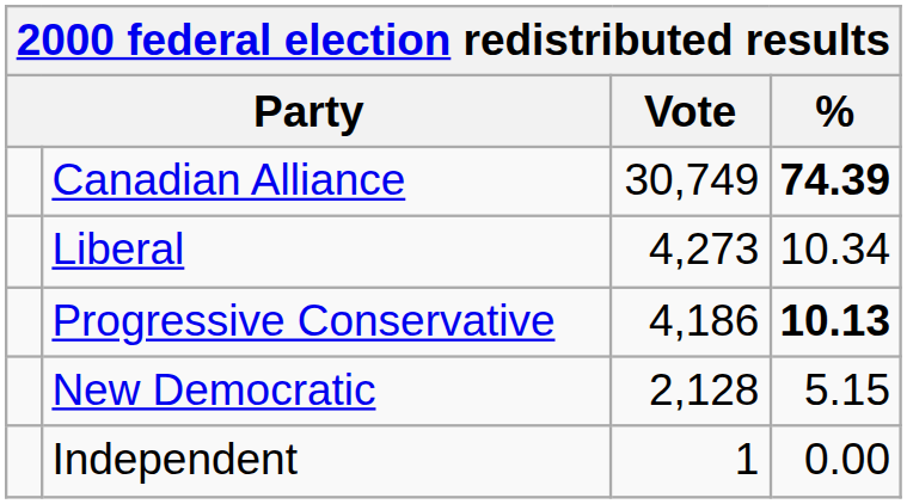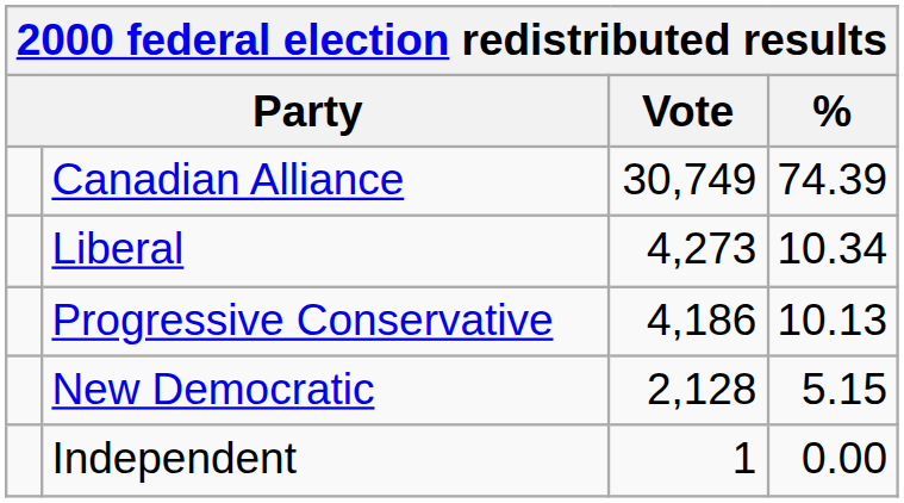 <table class="wikitable">
 <tr>
 <th colspan="4"><a href='#'>2000 federal election</a> redistributed results</th>
 </tr>
 <tr>
 <th bgcolor="#DDDDFF" width="130px" colspan="2">Party</th>
 <th bgcolor="#DDDDFF" width="50px">Vote</th>
 <th bgcolor="#DDDDFF" width="30px">%</th>
 </tr>
 <tr>
 <td> </td>
 <td><a href='#'>Canadian Alliance</a></td>
 <td align=right>30,749</td>
-<td align=right><strong>74.39</strong></td>
+<td align=right>74.39</td>
 </tr>
 <tr>
 <td> </td>
 <td><a href='#'>Liberal</a></td>
 <td align=right>4,273</td>
 <td align=right>10.34</td>
 </tr>
 <tr>
 <td> </td>
 <td><a href='#'>Progressive Conservative</a></td>
 <td align=right>4,186</td>
-<td align=right><strong>10.13</strong></td>
+<td align=right>10.13</td>
 </tr>
 <tr>
 <td> </td>
 <td><a href='#'>New Democratic</a></td>
 <td align=right>2,128</td>
 <td align=right>5.15</td>
 </tr>
 <tr>
 <td> </td>
 <td>Independent</td>
 <td align=right>1</td>
 <td align=right>0.00</td>
 </tr>
 </table>
